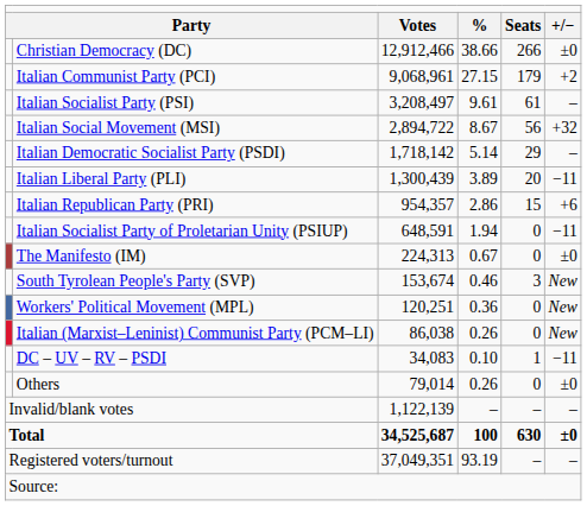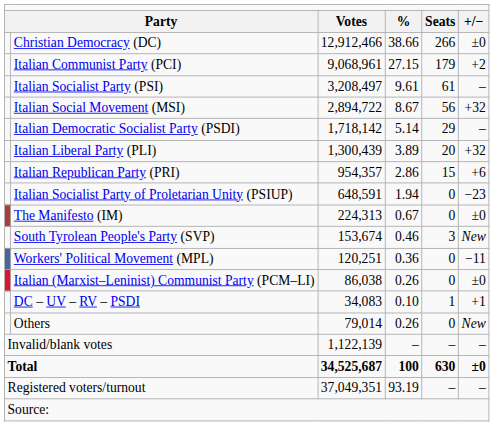 <table class="wikitable" style="text-align:right">
 <tr>
 <td colspan="6"></td>
 </tr>
 <tr>
 <th colspan=2>Party</th>
 <th>Votes</th>
 <th>%</th>
 <th>Seats</th>
 <th>+/−</th>
 </tr>
 <tr>
 <td style="background-color:"></td>
 <td align=left><a href='#'>Christian Democracy</a> (DC)</td>
 <td>12,912,466</td>
 <td>38.66</td>
 <td>266</td>
 <td>±0</td>
 </tr>
 <tr>
 <td style="background-color:"></td>
 <td align=left><a href='#'>Italian Communist Party</a> (PCI)</td>
 <td>9,068,961</td>
 <td>27.15</td>
 <td>179</td>
 <td><span>+2</span></td>
 </tr>
 <tr>
 <td style="background-color:"></td>
 <td align=left><a href='#'>Italian Socialist Party</a> (PSI)</td>
 <td>3,208,497</td>
 <td>9.61</td>
 <td>61</td>
 <td>–</td>
 </tr>
 <tr>
 <td style="background-color:"></td>
 <td align=left><a href='#'>Italian Social Movement</a> (MSI)</td>
 <td>2,894,722</td>
 <td>8.67</td>
 <td>56</td>
 <td><span>+32</span></td>
 </tr>
 <tr>
 <td style="background-color:"></td>
 <td align=left><a href='#'>Italian Democratic Socialist Party</a> (PSDI)</td>
 <td>1,718,142</td>
 <td>5.14</td>
 <td>29</td>
 <td>–</td>
 </tr>
 <tr>
 <td style="background-color:"></td>
 <td align=left><a href='#'>Italian Liberal Party</a> (PLI)</td>
 <td>1,300,439</td>
 <td>3.89</td>
 <td>20</td>
-<td><span>−11</span></td>
+<td><span>+32</span></td>
 </tr>
 <tr>
 <td style="background-color:"></td>
 <td align=left><a href='#'>Italian Republican Party</a> (PRI)</td>
 <td>954,357</td>
 <td>2.86</td>
 <td>15</td>
 <td><span>+6</span></td>
 </tr>
 <tr>
 <td style="background-color:"></td>
 <td align=left><a href='#'>Italian Socialist Party of Proletarian Unity</a> (PSIUP)</td>
 <td>648,591</td>
 <td>1.94</td>
 <td>0</td>
-<td><span>−11</span></td>
+<td><span>−23</span></td>
 </tr>
 <tr>
 <td style="background-color:#A93C3C"></td>
 <td align=left><a href='#'>The Manifesto</a> (IM)</td>
 <td>224,313</td>
 <td>0.67</td>
 <td>0</td>
 <td>±0</td>
 </tr>
 <tr>
 <td style="background-color:"></td>
 <td align=left><a href='#'>South Tyrolean People's Party</a> (SVP)</td>
 <td>153,674</td>
 <td>0.46</td>
 <td>3</td>
 <td><em>New</em></td>
 </tr>
 <tr>
 <td style="background-color:#4368A0"></td>
 <td align=left><a href='#'>Workers' Political Movement</a> (MPL)</td>
 <td>120,251</td>
 <td>0.36</td>
 <td>0</td>
-<td><em>New</em></td>
+<td><span>−11</span></td>
 </tr>
 <tr>
 <td style="background-color:#DC142f"></td>
 <td align=left><a href='#'>Italian (Marxist–Leninist) Communist Party</a> (PCM–LI)</td>
 <td>86,038</td>
 <td>0.26</td>
 <td>0</td>
-<td><em>New</em></td>
+<td>±0</td>
 </tr>
 <tr>
 <td style="background-color:"></td>
 <td align=left><a href='#'>DC</a> – <a href='#'>UV</a> – <a href='#'>RV</a> – <a href='#'>PSDI</a></td>
 <td>34,083</td>
 <td>0.10</td>
 <td>1</td>
-<td><span>−11</span></td>
+<td><span>+1</span></td>
 </tr>
 <tr>
 <td style="background-color:"></td>
 <td align=left>Others</td>
 <td>79,014</td>
 <td>0.26</td>
 <td>0</td>
-<td>±0</td>
+<td><em>New</em></td>
 </tr>
 <tr>
 <td align=left colspan=2>Invalid/blank votes</td>
 <td>1,122,139</td>
 <td>–</td>
 <td>–</td>
 <td>–</td>
 </tr>
 <tr>
 <td align=left colspan=2><strong>Total</strong></td>
 <td><strong>34,525,687</strong></td>
 <td><strong>100</strong></td>
 <td><strong>630</strong></td>
 <td><strong>±0</strong></td>
 </tr>
 <tr>
 <td align=left colspan=2>Registered voters/turnout</td>
 <td>37,049,351</td>
 <td>93.19</td>
 <td>–</td>
 <td>–</td>
 </tr>
 <tr>
 <td align=left colspan=6>Source: </td>
 </tr>
 </table>
